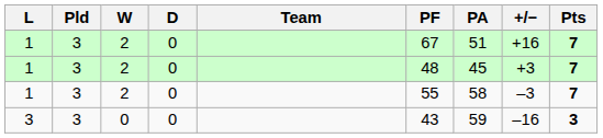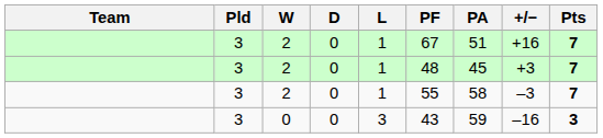 <table class="wikitable" style="text-align:center">
 <tr>
-<th width="40">L</th>
+<th width="200">Team</th>
 <th width="40">Pld</th>
 <th width="40">W</th>
 <th width="40">D</th>
-<th width="200">Team</th>
+<th width="40">L</th>
 <th width="40">PF</th>
 <th width="40">PA</th>
 <th width="40">+/−</th>
 <th width="40">Pts</th>
 </tr>
 <tr style="background:#cfc">
-<td>1</td>
+<td align=left></td>
 <td>3</td>
 <td>2</td>
 <td>0</td>
-<td align=left></td>
+<td>1</td>
 <td>67</td>
 <td>51</td>
 <td>+16</td>
 <td><strong>7</strong></td>
 </tr>
 <tr style="background:#cfc">
-<td>1</td>
+<td align=left></td>
 <td>3</td>
 <td>2</td>
 <td>0</td>
-<td align=left></td>
+<td>1</td>
 <td>48</td>
 <td>45</td>
 <td>+3</td>
 <td><strong>7</strong></td>
 </tr>
 <tr>
-<td>1</td>
+<td align=left></td>
 <td>3</td>
 <td>2</td>
 <td>0</td>
-<td align=left></td>
+<td>1</td>
 <td>55</td>
 <td>58</td>
 <td>–3</td>
 <td><strong>7</strong></td>
 </tr>
 <tr>
-<td>3</td>
+<td align=left></td>
 <td>3</td>
 <td>0</td>
 <td>0</td>
-<td align=left></td>
+<td>3</td>
 <td>43</td>
 <td>59</td>
 <td>–16</td>
 <td><strong>3</strong></td>
 </tr>
 </table>
